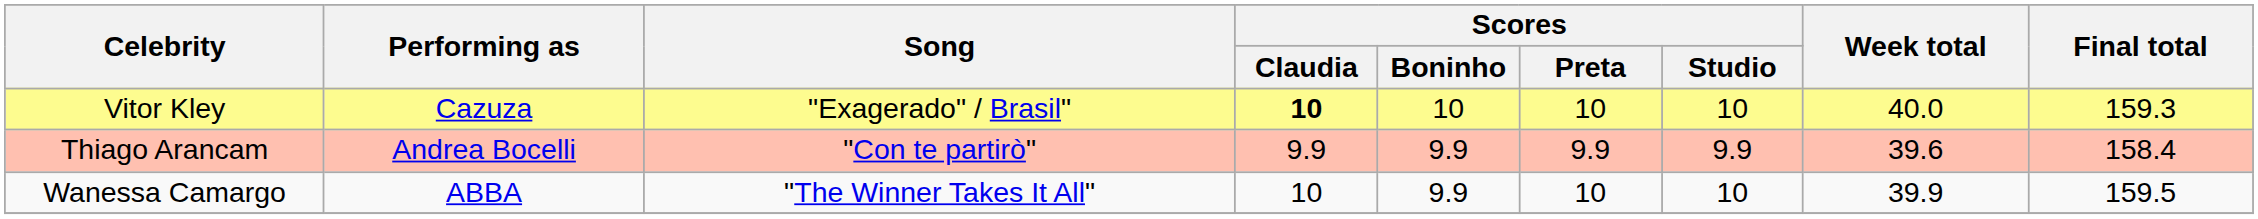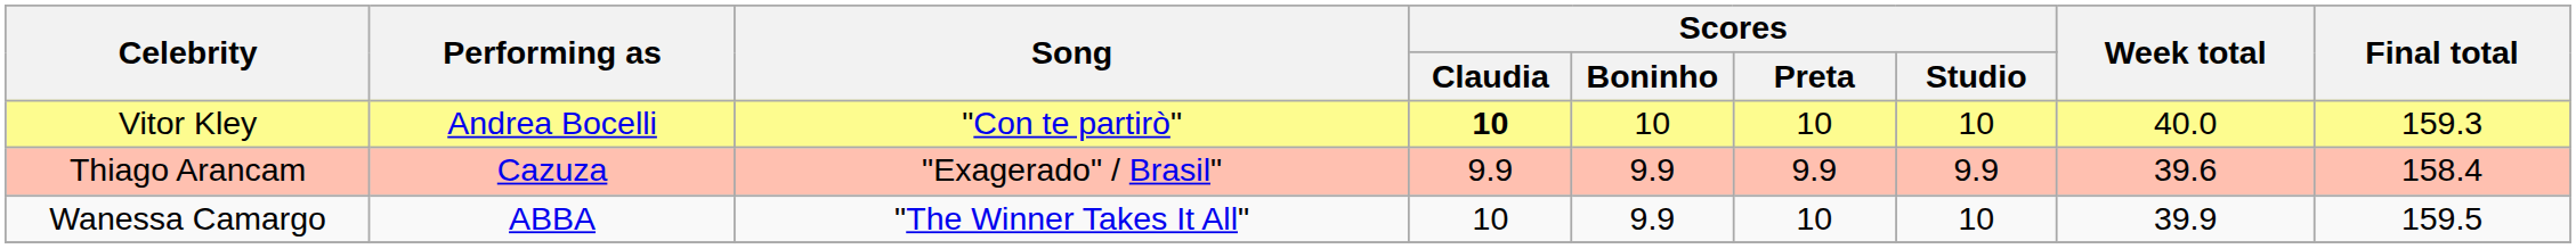 <table class="wikitable" style="font-size:100%; line-height:16px; text-align:center" width="100%">
 <tr>
 <th rowspan=2 width="13.5%">Celebrity</th>
 <th rowspan=2 width="13.5%">Performing as</th>
 <th rowspan=2 width="25.0%">Song</th>
 <th colspan=4 width="24.0%">Scores</th>
 <th rowspan=2 width="09.5%">Week total</th>
 <th rowspan=2 width="09.5%">Final total</th>
 </tr>
 <tr>
 <th width="06.0%">Claudia</th>
 <th width="06.0%">Boninho</th>
 <th width="06.0%">Preta</th>
 <th width="06.0%">Studio</th>
 </tr>
 <tr bgcolor="#fdfc8f">
 <td>Vitor Kley</td>
-<td><a href='#'>Cazuza</a></td>
-<td>"Exagerado" / <a href='#'>Brasil</a>"</td>
+<td><a href='#'>Andrea Bocelli</a></td>
+<td>"<a href='#'>Con te partirò</a>"</td>
 <td><strong>10</strong></td>
 <td>10</td>
 <td>10</td>
 <td>10</td>
 <td>40.0</td>
 <td>159.3</td>
 </tr>
 <tr bgcolor="#ffcC0cb">
 <td>Thiago Arancam</td>
-<td><a href='#'>Andrea Bocelli</a></td>
-<td>"<a href='#'>Con te partirò</a>"</td>
+<td><a href='#'>Cazuza</a></td>
+<td>"Exagerado" / <a href='#'>Brasil</a>"</td>
 <td>9.9</td>
 <td>9.9</td>
 <td>9.9</td>
 <td>9.9</td>
 <td>39.6</td>
 <td>158.4</td>
 </tr>
 <tr>
 <td>Wanessa Camargo</td>
 <td><a href='#'>ABBA</a></td>
 <td>"<a href='#'>The Winner Takes It All</a>"</td>
 <td>10</td>
 <td>9.9</td>
 <td>10</td>
 <td>10</td>
 <td>39.9</td>
 <td>159.5</td>
 </tr>
 <tr>
 </tr>
 </table>
